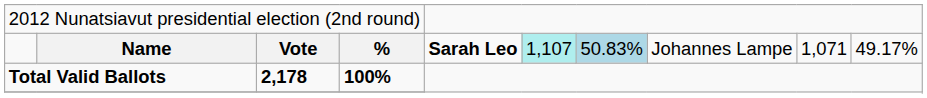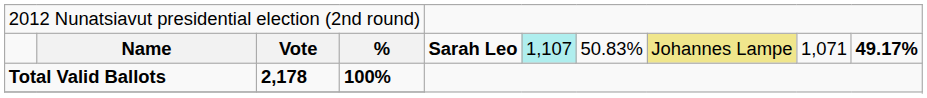 <table class="wikitable">
 <tr>
 <td colspan=4 align=center>2012 Nunatsiavut presidential election (2nd round)</td>
 </tr>
 <tr>
 <td></td>
 <th><strong>Name </strong></th>
 <th><strong>Vote</strong></th>
 <th><strong>%</strong><br></th>
 <td><strong>Sarah Leo</strong></td>
 <td style="background: paleturquoise;">1,107</td>
-<td style="background: lightblue;">50.83%<br></td>
-<td>Johannes Lampe</td>
+<td>50.83%<br></td>
+<td style="background: khaki;">Johannes Lampe</td>
 <td>1,071</td>
-<td>49.17%</td>
+<td><strong>49.17%</strong></td>
 </tr>
 <tr>
 <td colspan=2><strong>Total Valid Ballots</strong></td>
 <td><strong>2,178</strong></td>
 <td><strong>100%</strong></td>
 </tr>
 <tr>
 </tr>
 </table>
